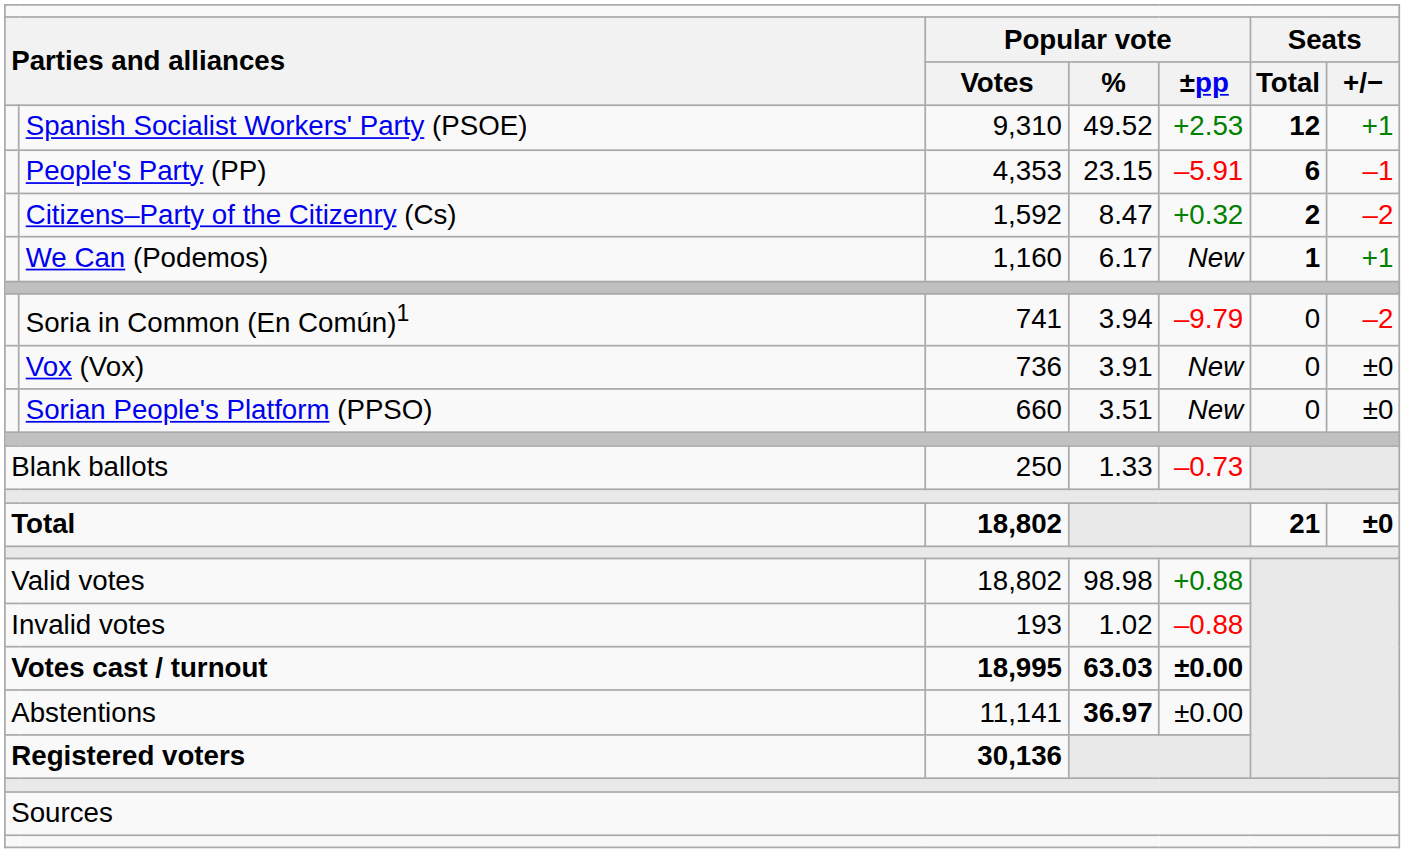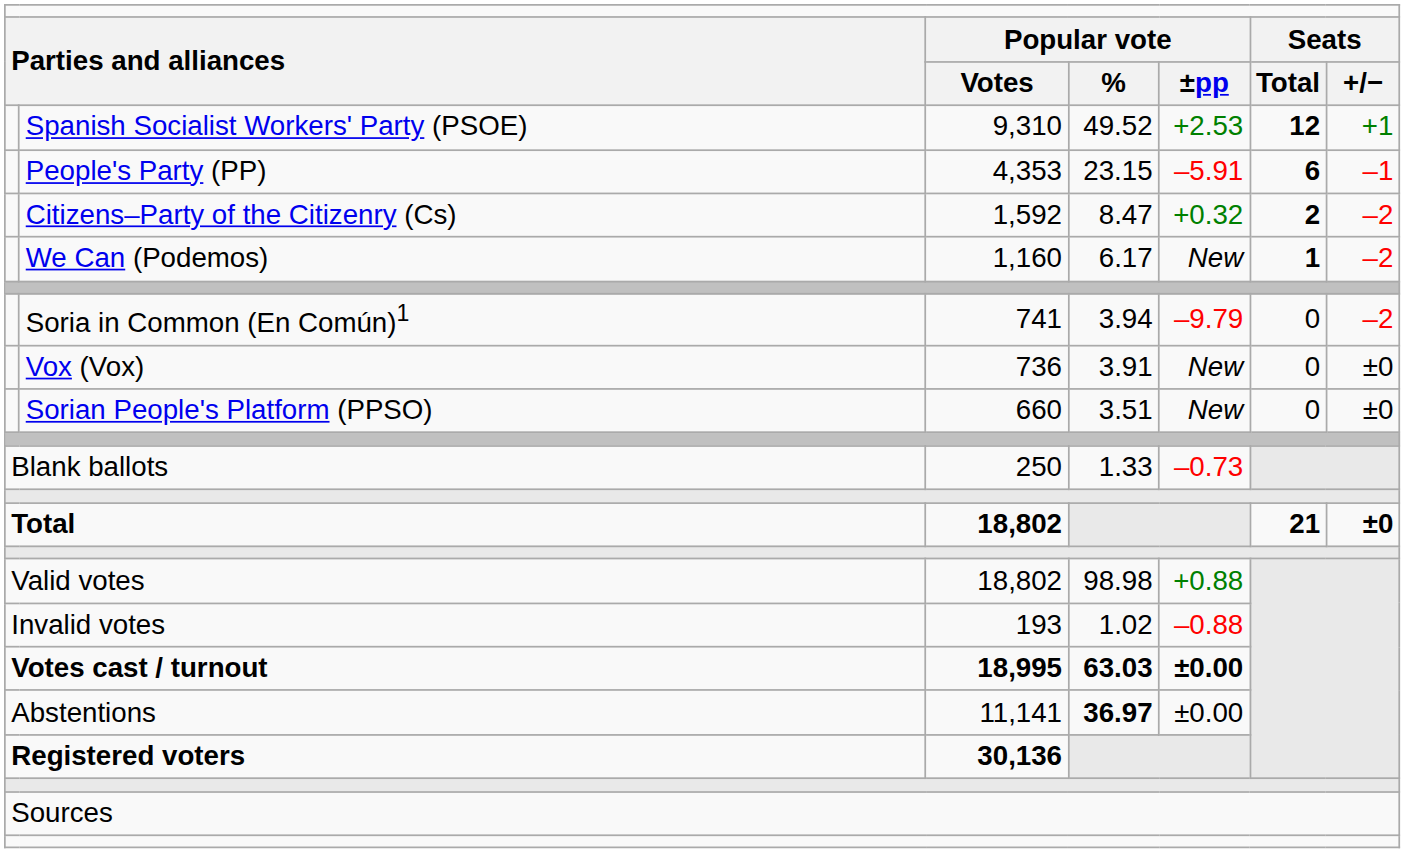 <table class="wikitable" style="text-align:right;">
 <tr>
 <td colspan="7"></td>
 </tr>
 <tr>
 <th style="text-align:left;" rowspan="2" colspan="2" width="525">Parties and alliances</th>
 <th colspan="3">Popular vote</th>
 <th colspan="2">Seats</th>
 </tr>
 <tr>
 <th width="75">Votes</th>
 <th width="45">%</th>
 <th width="45">±<a href='#'>pp</a></th>
 <th width="35">Total</th>
 <th width="35">+/−</th>
 </tr>
 <tr>
 <td width="1" style="color:inherit;background:"></td>
 <td align="left"><a href='#'>Spanish Socialist Workers' Party</a> (PSOE)</td>
 <td>9,310</td>
 <td>49.52</td>
 <td style="color:green;">+2.53</td>
 <td><strong>12</strong></td>
 <td style="color:green;">+1</td>
 </tr>
 <tr>
 <td style="color:inherit;background:"></td>
 <td align="left"><a href='#'>People's Party</a> (PP)</td>
 <td>4,353</td>
 <td>23.15</td>
 <td style="color:red;">–5.91</td>
 <td><strong>6</strong></td>
 <td style="color:red;">–1</td>
 </tr>
 <tr>
 <td style="color:inherit;background:"></td>
 <td align="left"><a href='#'>Citizens–Party of the Citizenry</a> (Cs)</td>
 <td>1,592</td>
 <td>8.47</td>
 <td style="color:green;">+0.32</td>
 <td><strong>2</strong></td>
 <td style="color:red;">–2</td>
 </tr>
 <tr>
 <td style="color:inherit;background:"></td>
 <td align="left"><a href='#'>We Can</a> (Podemos)</td>
 <td>1,160</td>
 <td>6.17</td>
 <td><em>New</em></td>
 <td><strong>1</strong></td>
-<td style="color:green;">+1</td>
+<td style="color:red;">–2</td>
 </tr>
 <tr>
 <td colspan="7" bgcolor="#C0C0C0"></td>
 </tr>
 <tr>
 <td style="color:inherit;background:"></td>
 <td align="left">Soria in Common (En Común)<sup>1</sup></td>
 <td>741</td>
 <td>3.94</td>
 <td style="color:red;">–9.79</td>
 <td>0</td>
 <td style="color:red;">–2</td>
 </tr>
 <tr>
 <td style="color:inherit;background:"></td>
 <td align="left"><a href='#'>Vox</a> (Vox)</td>
 <td>736</td>
 <td>3.91</td>
 <td><em>New</em></td>
 <td>0</td>
 <td>±0</td>
 </tr>
 <tr>
 <td style="color:inherit;background:"></td>
 <td align="left"><a href='#'>Sorian People's Platform</a> (PPSO)</td>
 <td>660</td>
 <td>3.51</td>
 <td><em>New</em></td>
 <td>0</td>
 <td>±0</td>
 </tr>
 <tr>
 <td colspan="7" bgcolor="#C0C0C0"></td>
 </tr>
 <tr>
 <td align="left" colspan="2">Blank ballots</td>
 <td>250</td>
 <td>1.33</td>
 <td style="color:red;">–0.73</td>
 <td bgcolor="#E9E9E9" colspan="2"></td>
 </tr>
 <tr>
 <td colspan="7" bgcolor="#E9E9E9"></td>
 </tr>
 <tr style="font-weight:bold;">
 <td align="left" colspan="2">Total</td>
 <td>18,802</td>
 <td bgcolor="#E9E9E9" colspan="2"></td>
 <td>21</td>
 <td>±0</td>
 </tr>
 <tr>
 <td colspan="7" bgcolor="#E9E9E9"></td>
 </tr>
 <tr>
 <td align="left" colspan="2">Valid votes</td>
 <td>18,802</td>
 <td>98.98</td>
 <td style="color:green;">+0.88</td>
 <td bgcolor="#E9E9E9" colspan="2" rowspan="5"></td>
 </tr>
 <tr>
 <td align="left" colspan="2">Invalid votes</td>
 <td>193</td>
 <td>1.02</td>
 <td style="color:red;">–0.88</td>
 </tr>
 <tr style="font-weight:bold;">
 <td align="left" colspan="2">Votes cast / turnout</td>
 <td>18,995</td>
 <td>63.03</td>
 <td>±0.00</td>
 </tr>
 <tr>
 <td align="left" colspan="2">Abstentions</td>
 <td>11,141</td>
 <td><strong>36.97</strong></td>
 <td>±0.00</td>
 </tr>
 <tr style="font-weight:bold;">
 <td align="left" colspan="2">Registered voters</td>
 <td>30,136</td>
 <td bgcolor="#E9E9E9" colspan="2"></td>
 </tr>
 <tr>
 <td colspan="7" bgcolor="#E9E9E9"></td>
 </tr>
 <tr>
 <td align="left" colspan="7">Sources</td>
 </tr>
 <tr>
 <td colspan="7" style="text-align:left; max-width:790px;"></td>
 </tr>
 </table>
